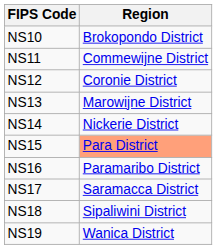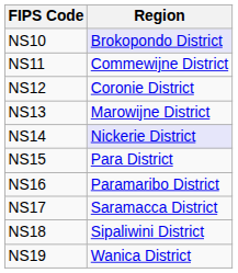 <table class="wikitable">
 <tr>
 <th>FIPS Code</th>
 <th>Region</th>
 </tr>
 <tr>
 <td>NS10</td>
-<td><a href='#'>Brokopondo District</a></td>
+<td style="background: lavender;"><a href='#'>Brokopondo District</a></td>
 </tr>
 <tr>
 <td>NS11</td>
 <td><a href='#'>Commewijne District</a></td>
 </tr>
 <tr>
 <td>NS12</td>
 <td><a href='#'>Coronie District</a></td>
 </tr>
 <tr>
 <td>NS13</td>
 <td><a href='#'>Marowijne District</a></td>
 </tr>
 <tr>
 <td>NS14</td>
-<td><a href='#'>Nickerie District</a></td>
+<td style="background: lavender;"><a href='#'>Nickerie District</a></td>
 </tr>
 <tr>
 <td>NS15</td>
-<td style="background: lightsalmon;"><a href='#'>Para District</a></td>
+<td><a href='#'>Para District</a></td>
 </tr>
 <tr>
 <td>NS16</td>
 <td><a href='#'>Paramaribo District</a></td>
 </tr>
 <tr>
 <td>NS17</td>
 <td><a href='#'>Saramacca District</a></td>
 </tr>
 <tr>
 <td>NS18</td>
 <td><a href='#'>Sipaliwini District</a></td>
 </tr>
 <tr>
 <td>NS19</td>
 <td><a href='#'>Wanica District</a></td>
 </tr>
 </table>
